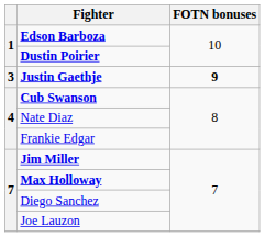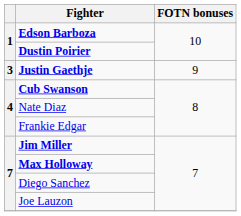 <table class=wikitable>
 <tr>
 <th></th>
 <th width=180>Fighter</th>
 <th>FOTN bonuses</th>
 </tr>
 <tr>
 <th rowspan=2>1</th>
 <td> <strong><a href='#'>Edson Barboza</a></strong></td>
 <td align=center rowspan=2>10</td>
 </tr>
 <tr>
 <td> <strong><a href='#'>Dustin Poirier</a></strong></td>
 </tr>
 <tr>
 <th>3</th>
 <td> <strong><a href='#'>Justin Gaethje</a></strong></td>
-<td align=center><strong>9</strong></td>
+<td align=center>9</td>
 </tr>
 <tr>
 <th rowspan=3>4</th>
 <td> <strong><a href='#'>Cub Swanson</a></strong></td>
 <td align=center rowspan=3>8</td>
 </tr>
 <tr>
 <td> <a href='#'>Nate Diaz</a></td>
 </tr>
 <tr>
 <td> <a href='#'>Frankie Edgar</a></td>
 </tr>
 <tr>
 <th rowspan=4>7</th>
 <td> <strong><a href='#'>Jim Miller</a></strong></td>
 <td rowspan=4 align=center>7</td>
 </tr>
 <tr>
 <td> <strong><a href='#'>Max Holloway</a></strong></td>
 </tr>
 <tr>
 <td> <a href='#'>Diego Sanchez</a></td>
 </tr>
 <tr>
 <td> <a href='#'>Joe Lauzon</a></td>
 </tr>
 <tr>
 </tr>
 </table>
